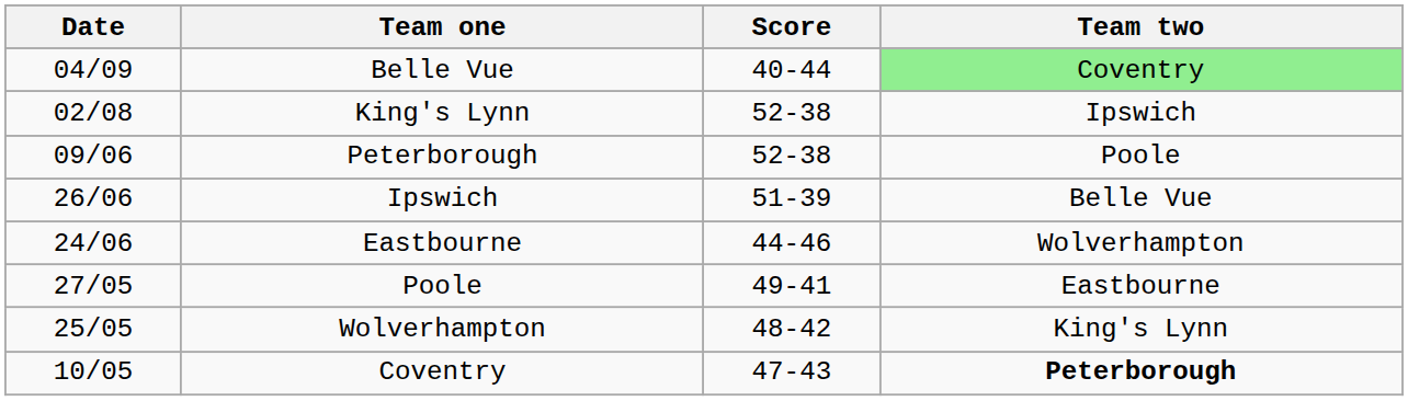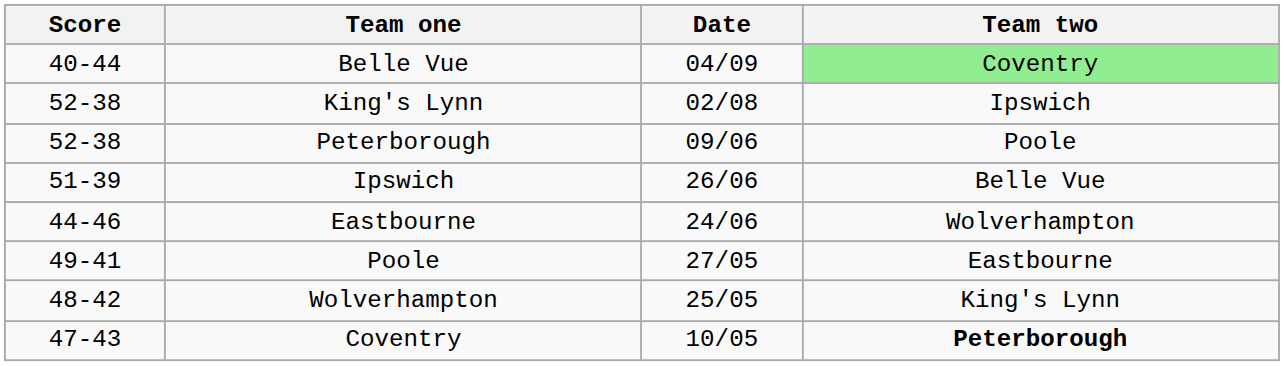 <table class="wikitable" style="text-align: center">
 <tr>
+<th width=80>Score</th>
+<th width=250>Team one</th>
 <th width=80>Date</th>
-<th width=250>Team one</th>
-<th width=80>Score</th>
 <th width=250>Team two</th>
 </tr>
 <tr>
+<td>40-44</td>
+<td>Belle Vue</td>
 <td>04/09</td>
-<td>Belle Vue</td>
-<td>40-44</td>
 <td style="background: lightgreen;">Coventry</td>
 </tr>
 <tr>
+<td>52-38</td>
+<td>King's Lynn</td>
 <td>02/08</td>
-<td>King's Lynn</td>
-<td>52-38</td>
 <td>Ipswich</td>
 </tr>
 <tr>
+<td>52-38</td>
+<td>Peterborough</td>
 <td>09/06</td>
-<td>Peterborough</td>
-<td>52-38</td>
 <td>Poole</td>
 </tr>
 <tr>
+<td>51-39</td>
+<td>Ipswich</td>
 <td>26/06</td>
-<td>Ipswich</td>
-<td>51-39</td>
 <td>Belle Vue</td>
 </tr>
 <tr>
+<td>44-46</td>
+<td>Eastbourne</td>
 <td>24/06</td>
-<td>Eastbourne</td>
-<td>44-46</td>
 <td>Wolverhampton</td>
 </tr>
 <tr>
+<td>49-41</td>
+<td>Poole</td>
 <td>27/05</td>
-<td>Poole</td>
-<td>49-41</td>
 <td>Eastbourne</td>
 </tr>
 <tr>
+<td>48-42</td>
+<td>Wolverhampton</td>
 <td>25/05</td>
-<td>Wolverhampton</td>
-<td>48-42</td>
 <td>King's Lynn</td>
 </tr>
 <tr>
+<td>47-43</td>
+<td>Coventry</td>
 <td>10/05</td>
-<td>Coventry</td>
-<td>47-43</td>
 <td><strong>Peterborough</strong></td>
 </tr>
 </table>
